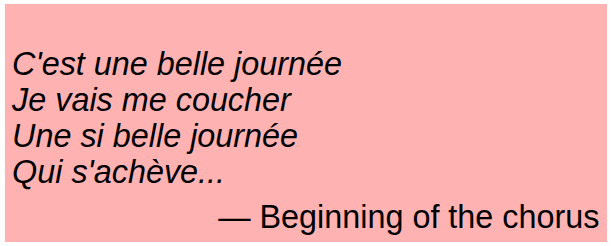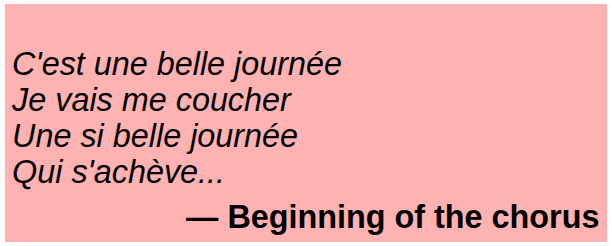 <table class="toccolours" style="float: right; margin-left: 1em; margin-right: 2em; font-size: 85%; background:#FFB2B2; color:black; width:30em; max-width: 20%;" cellspacing="2">
 <tr>
 <td style="text-align: left;"><br><em>C'est une belle journée</em><br> <em>Je vais me coucher</em><br> <em>Une si belle journée</em><br> <em>Qui s'achève...</em></td>
 </tr>
 <tr>
-<td style="text-align: right;">— Beginning of the chorus</td>
+<td style="text-align: right;"><strong>— Beginning of the chorus</strong></td>
 </tr>
 </table>
